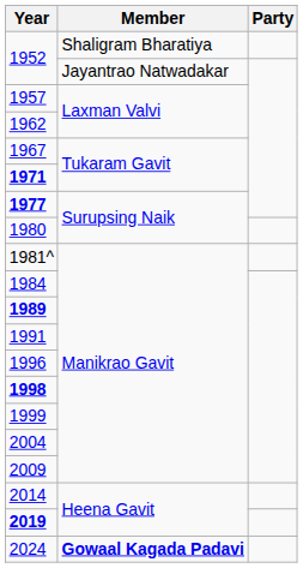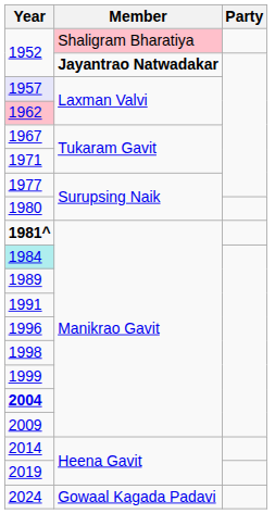 <table class="wikitable">
 <tr>
 <th>Year</th>
 <th>Member</th>
 <th colspan="2">Party</th>
 </tr>
 <tr>
 <td rowspan="2"><a href='#'>1952</a></td>
-<td>Shaligram Bharatiya</td>
+<td style="background: pink;">Shaligram Bharatiya</td>
 <td></td>
 </tr>
 <tr>
-<td>Jayantrao Natwadakar</td>
+<td><strong>Jayantrao Natwadakar</strong></td>
 </tr>
 <tr>
-<td><a href='#'>1957</a></td>
+<td style="background: lavender;"><a href='#'>1957</a></td>
 <td rowspan="2"><a href='#'>Laxman Valvi</a></td>
 </tr>
 <tr>
-<td><a href='#'>1962</a></td>
+<td style="background: pink;"><a href='#'>1962</a></td>
 </tr>
 <tr>
 <td><a href='#'>1967</a></td>
 <td rowspan="2"><a href='#'>Tukaram Gavit</a></td>
 </tr>
 <tr>
-<td><strong><a href='#'>1971</a></strong></td>
+<td><a href='#'>1971</a></td>
 </tr>
 <tr>
-<td><strong><a href='#'>1977</a></strong></td>
+<td><a href='#'>1977</a></td>
 <td rowspan="2"><a href='#'>Surupsing Naik</a></td>
 </tr>
 <tr>
 <td><a href='#'>1980</a></td>
 <td></td>
 </tr>
 <tr>
-<td>1981^</td>
+<td><strong>1981^</strong></td>
 <td rowspan="9"><a href='#'>Manikrao Gavit</a></td>
 <td></td>
 </tr>
 <tr>
-<td><a href='#'>1984</a></td>
+<td style="background: paleturquoise;"><a href='#'>1984</a></td>
 </tr>
 <tr>
-<td><strong><a href='#'>1989</a></strong></td>
+<td><a href='#'>1989</a></td>
 </tr>
 <tr>
 <td><a href='#'>1991</a></td>
 </tr>
 <tr>
 <td><a href='#'>1996</a></td>
 </tr>
 <tr>
-<td><strong><a href='#'>1998</a></strong></td>
+<td><a href='#'>1998</a></td>
 </tr>
 <tr>
 <td><a href='#'>1999</a></td>
 </tr>
 <tr>
-<td><a href='#'>2004</a></td>
+<td><strong><a href='#'>2004</a></strong></td>
 </tr>
 <tr>
 <td><a href='#'>2009</a></td>
 </tr>
 <tr>
 <td><a href='#'>2014</a></td>
 <td rowspan=2><a href='#'>Heena Gavit</a></td>
 <td></td>
 </tr>
 <tr>
-<td><strong><a href='#'>2019</a></strong></td>
+<td><a href='#'>2019</a></td>
 </tr>
 <tr>
 <td><a href='#'>2024</a></td>
-<td><strong><a href='#'>Gowaal Kagada Padavi</a></strong></td>
+<td><a href='#'>Gowaal Kagada Padavi</a></td>
 <td></td>
 </tr>
 </table>
